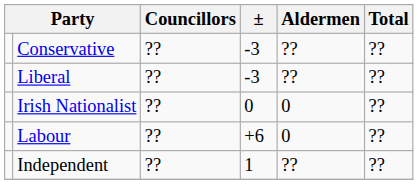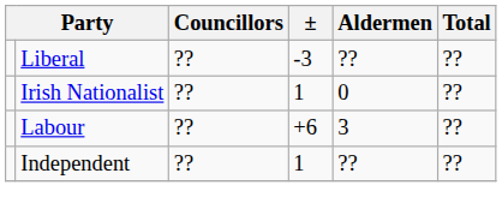 <table class="wikitable">
 <tr>
 <th colspan="2">Party</th>
 <th>Councillors</th>
 <th>  ±  </th>
 <th>Aldermen</th>
 <th>Total</th>
-</tr>
-<tr>
-<td style="background-color: "></td>
-<td><a href='#'>Conservative</a></td>
-<td>??</td>
-<td>-3</td>
-<td>??</td>
-<td>??</td>
 </tr>
 <tr>
 <td style="background-color: "></td>
 <td><a href='#'>Liberal</a></td>
 <td>??</td>
 <td>-3</td>
 <td>??</td>
 <td>??</td>
 </tr>
 <tr>
 <td style="background-color: "></td>
 <td><a href='#'>Irish Nationalist</a></td>
 <td>??</td>
-<td>0</td>
+<td>1</td>
 <td>0</td>
 <td>??</td>
 </tr>
 <tr>
 <td style="background-color: "></td>
 <td><a href='#'>Labour</a></td>
 <td>??</td>
 <td>+6</td>
-<td>0</td>
+<td>3</td>
 <td>??</td>
 </tr>
 <tr>
 <td style="background-color: "></td>
 <td>Independent</td>
 <td>??</td>
 <td>1</td>
 <td>??</td>
 <td>??</td>
 </tr>
 <tr>
 </tr>
 </table>
